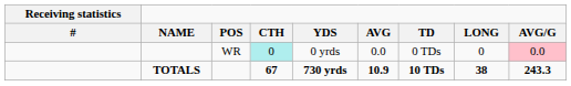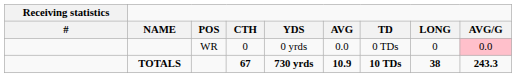 <table style="width:60%; text-align:center;" class="wikitable collapsible collapsed">
 <tr>
 <th style="text-align:center; ">Receiving statistics</th>
 </tr>
 <tr>
 <th>#</th>
 <th>NAME</th>
 <th>POS</th>
 <th>CTH</th>
 <th>YDS</th>
 <th>AVG</th>
 <th>TD</th>
 <th>LONG</th>
 <th>AVG/G</th>
 </tr>
 <tr>
 <td></td>
 <td></td>
 <td>WR</td>
-<td style="background: paleturquoise;">0</td>
+<td>0</td>
 <td>0 yrds</td>
 <td>0.0</td>
 <td>0 TDs</td>
 <td>0</td>
 <td style="background: pink;">0.0</td>
 </tr>
 <tr>
 <td></td>
 <td><strong>TOTALS</strong></td>
 <td></td>
 <td><strong>67</strong></td>
 <td><strong>730 yrds</strong></td>
 <td><strong>10.9</strong></td>
 <td><strong>10 TDs</strong></td>
 <td><strong>38</strong></td>
 <td><strong>243.3</strong></td>
 </tr>
 </table>
